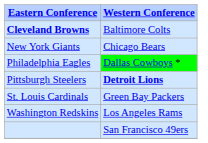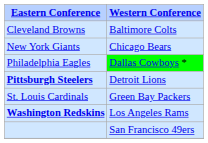 <table class="wikitable">
 <tr>
 <th style="background-color: #B7D0FF;"><strong><a href='#'>Eastern Conference</a></strong></th>
 <th style="background-color: #B7D0FF;"><strong><a href='#'>Western Conference</a></strong></th>
 </tr>
 <tr>
-<td style="background-color: #D0E7FF;"><strong><a href='#'>Cleveland Browns</a></strong></td>
+<td style="background-color: #D0E7FF;"><a href='#'>Cleveland Browns</a></td>
 <td style="background-color: #D0E7FF;"><a href='#'>Baltimore Colts</a></td>
 </tr>
 <tr>
 <td style="background-color: #D0E7FF;"><a href='#'>New York Giants</a></td>
 <td style="background-color: #D0E7FF;"><a href='#'>Chicago Bears</a></td>
 </tr>
 <tr>
 <td style="background-color: #D0E7FF;"><a href='#'>Philadelphia Eagles</a></td>
 <td style="background-color: #00FF00;"><a href='#'>Dallas Cowboys</a> *</td>
 </tr>
 <tr>
-<td style="background-color: #D0E7FF;"><a href='#'>Pittsburgh Steelers</a></td>
-<td style="background-color: #D0E7FF;"><strong><a href='#'>Detroit Lions</a></strong></td>
+<td style="background-color: #D0E7FF;"><strong><a href='#'>Pittsburgh Steelers</a></strong></td>
+<td style="background-color: #D0E7FF;"><a href='#'>Detroit Lions</a></td>
 </tr>
 <tr>
 <td style="background-color: #D0E7FF;"><a href='#'>St. Louis Cardinals</a></td>
 <td style="background-color: #D0E7FF;"><a href='#'>Green Bay Packers</a></td>
 </tr>
 <tr>
-<td style="background-color: #D0E7FF;"><a href='#'>Washington Redskins</a></td>
+<td style="background-color: #D0E7FF;"><strong><a href='#'>Washington Redskins</a></strong></td>
 <td style="background-color: #D0E7FF;"><a href='#'>Los Angeles Rams</a></td>
 </tr>
 <tr>
 <td style="background-color: #D0E7FF;"></td>
 <td style="background-color: #D0E7FF;"><a href='#'>San Francisco 49ers</a></td>
 </tr>
 <tr>
 </tr>
 </table>
